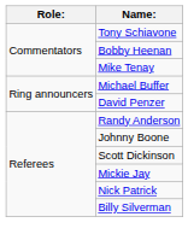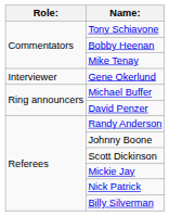 <table class=wikitable style="font-size:90%; margin: 0.5em 0 0.5em 1em; float: right; clear: right;">
 <tr>
 <th>Role:</th>
 <th>Name:</th>
 </tr>
 <tr>
 <td rowspan=3>Commentators</td>
 <td><a href='#'>Tony Schiavone</a></td>
 </tr>
 <tr>
 <td><a href='#'>Bobby Heenan</a></td>
 </tr>
 <tr>
 <td><a href='#'>Mike Tenay</a></td>
+</tr>
+<tr>
+<td>Interviewer</td>
+<td><a href='#'>Gene Okerlund</a></td>
 </tr>
 <tr>
 <td rowspan=2>Ring announcers</td>
 <td><a href='#'>Michael Buffer</a></td>
 </tr>
 <tr>
 <td><a href='#'>David Penzer</a></td>
 </tr>
 <tr>
 <td rowspan=6>Referees</td>
 <td><a href='#'>Randy Anderson</a></td>
 </tr>
 <tr>
 <td>Johnny Boone</td>
 </tr>
 <tr>
 <td>Scott Dickinson</td>
 </tr>
 <tr>
 <td><a href='#'>Mickie Jay</a></td>
 </tr>
 <tr>
 <td><a href='#'>Nick Patrick</a></td>
 </tr>
 <tr>
 <td><a href='#'>Billy Silverman</a></td>
 </tr>
 </table>
